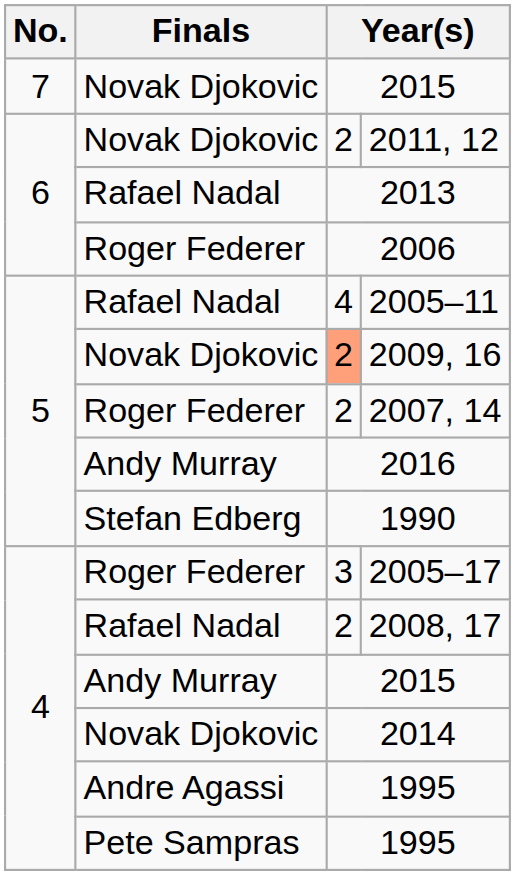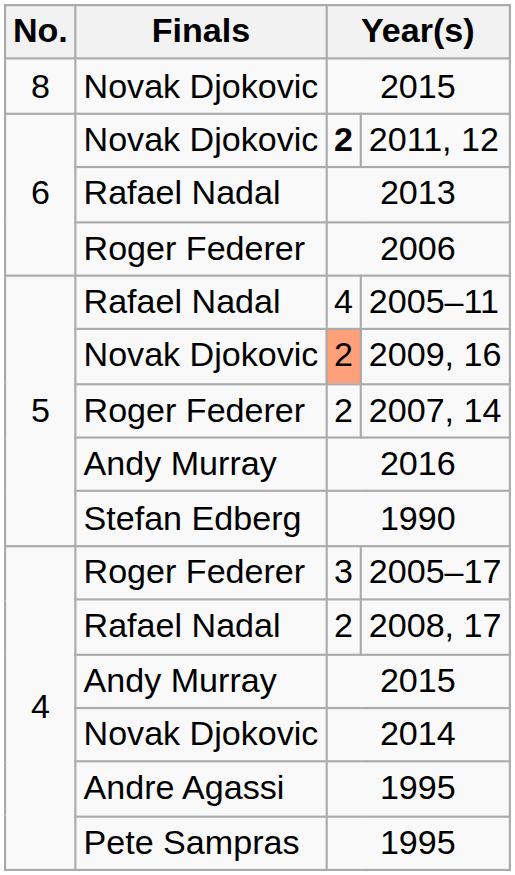 <table class="wikitable nowrap" style="display:inline-table">
 <tr>
 <th scope="col" style="width:20">No.</th>
 <th scope="col">Finals</th>
 <th scope="col" colspan=2>Year(s)</th>
 </tr>
 <tr>
-<td style="text-align:center;">7</td>
+<td style="text-align:center;">8</td>
 <td> Novak Djokovic</td>
 <td colspan=2 style="text-align:center;">2015</td>
 </tr>
 <tr>
 <td rowspan="3" style="text-align:center;">6</td>
 <td> Novak Djokovic</td>
-<td style="text-align:center;">2</td>
+<td style="text-align:center;"><strong>2</strong></td>
 <td>2011, 12</td>
 </tr>
 <tr>
 <td> Rafael Nadal</td>
 <td colspan=2 style="text-align:center;">2013</td>
 </tr>
 <tr>
 <td> Roger Federer</td>
 <td colspan=2 style="text-align:center;">2006</td>
 </tr>
 <tr>
 <td rowspan="5" style="text-align:center;">5</td>
 <td> Rafael Nadal</td>
 <td style="text-align:center;">4</td>
 <td>2005–11</td>
 </tr>
 <tr>
 <td> Novak Djokovic</td>
 <td style="background: lightsalmon; text-align:center;">2</td>
 <td>2009, 16</td>
 </tr>
 <tr>
 <td> Roger Federer</td>
 <td style="text-align:center;">2</td>
 <td>2007, 14</td>
 </tr>
 <tr>
 <td> Andy Murray</td>
 <td colspan=2 style="text-align:center;">2016</td>
 </tr>
 <tr>
 <td> Stefan Edberg</td>
 <td colspan=2 style="text-align:center;">1990</td>
 </tr>
 <tr>
 <td rowspan="6" style="text-align:center;">4</td>
 <td> Roger Federer</td>
 <td style="text-align:center;">3</td>
 <td>2005–17</td>
 </tr>
 <tr>
 <td> Rafael Nadal</td>
 <td style="text-align:center;">2</td>
 <td>2008, 17</td>
 </tr>
 <tr>
 <td> Andy Murray</td>
 <td colspan=2 style="text-align:center;">2015</td>
 </tr>
 <tr>
 <td> Novak Djokovic</td>
 <td colspan=2 style="text-align:center;">2014</td>
 </tr>
 <tr>
 <td> Andre Agassi</td>
 <td colspan=2 style="text-align:center;">1995</td>
 </tr>
 <tr>
 <td> Pete Sampras</td>
 <td colspan=2 style="text-align:center;">1995</td>
 </tr>
 </table>
